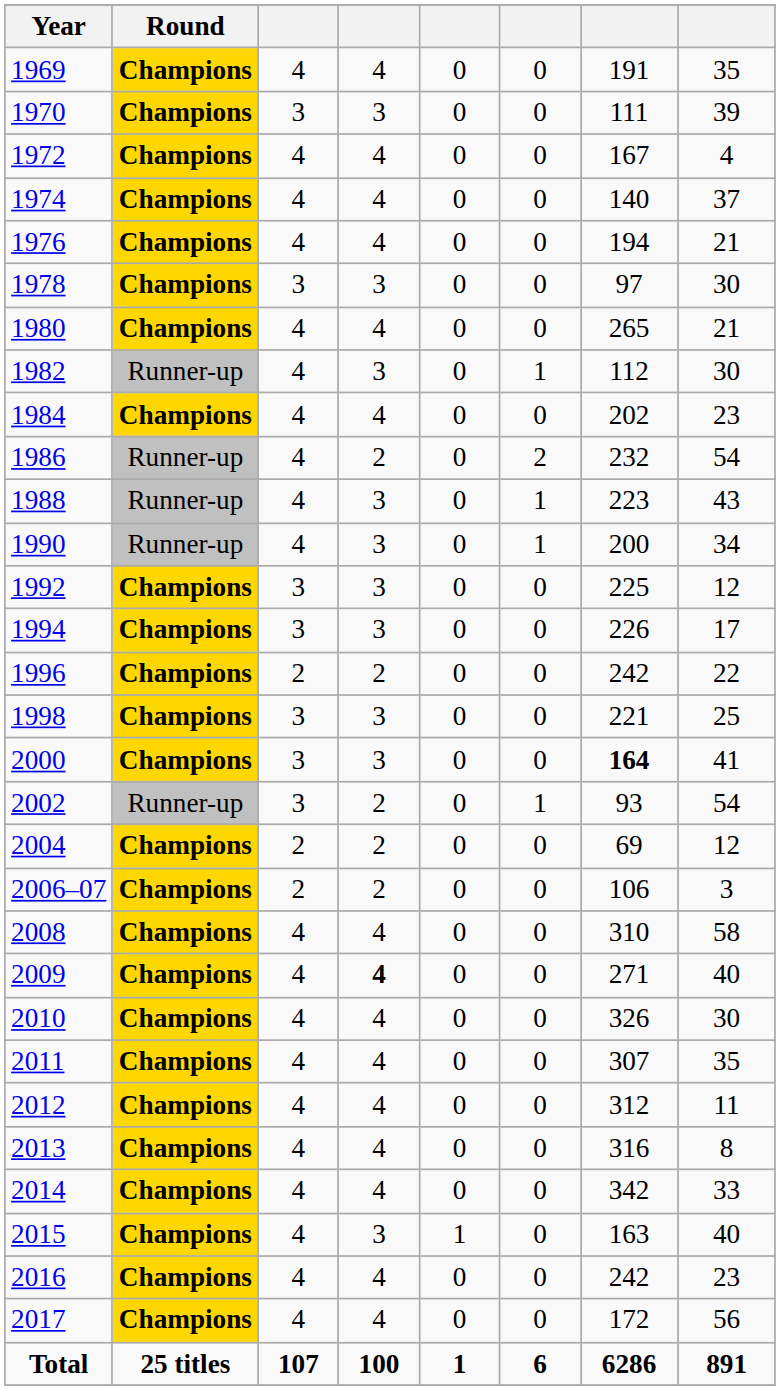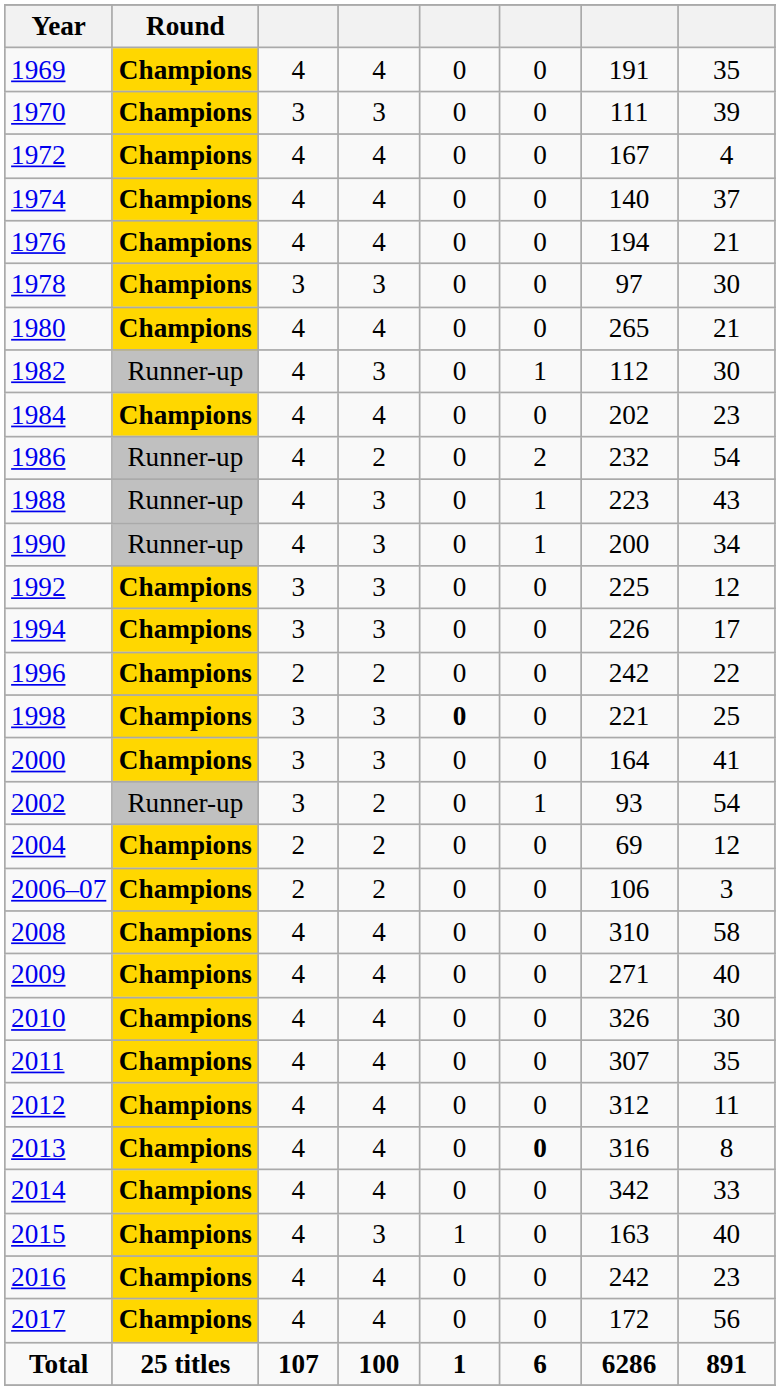 <table class=wikitable style=text-align:center>
 <tr>
 </tr>
 <tr>
 <th>Year</th>
 <th>Round</th>
 <th width=40px></th>
 <th width=40px></th>
 <th width=40px></th>
 <th width=40px></th>
 <th width=50px></th>
 <th width=50px></th>
 </tr>
 <tr>
 <td style=text-align:left><a href='#'>1969</a> </td>
 <td bgcolor=Gold><strong>Champions</strong></td>
 <td>4</td>
 <td>4</td>
 <td>0</td>
 <td>0</td>
 <td>191</td>
 <td>35</td>
 </tr>
 <tr>
 <td style=text-align:left><a href='#'>1970</a> </td>
 <td bgcolor=Gold><strong>Champions</strong></td>
 <td>3</td>
 <td>3</td>
 <td>0</td>
 <td>0</td>
 <td>111</td>
 <td>39</td>
 </tr>
 <tr>
 <td style=text-align:left><a href='#'>1972</a> </td>
 <td bgcolor=Gold><strong>Champions</strong></td>
 <td>4</td>
 <td>4</td>
 <td>0</td>
 <td>0</td>
 <td>167</td>
 <td>4</td>
 </tr>
 <tr>
 <td style=text-align:left><a href='#'>1974</a> </td>
 <td bgcolor=Gold><strong>Champions</strong></td>
 <td>4</td>
 <td>4</td>
 <td>0</td>
 <td>0</td>
 <td>140</td>
 <td>37</td>
 </tr>
 <tr>
 <td style=text-align:left><a href='#'>1976</a> </td>
 <td bgcolor=Gold><strong>Champions</strong></td>
 <td>4</td>
 <td>4</td>
 <td>0</td>
 <td>0</td>
 <td>194</td>
 <td>21</td>
 </tr>
 <tr>
 <td style=text-align:left><a href='#'>1978</a> </td>
 <td bgcolor=Gold><strong>Champions</strong></td>
 <td>3</td>
 <td>3</td>
 <td>0</td>
 <td>0</td>
 <td>97</td>
 <td>30</td>
 </tr>
 <tr>
 <td style=text-align:left><a href='#'>1980</a> </td>
 <td bgcolor=Gold><strong>Champions</strong></td>
 <td>4</td>
 <td>4</td>
 <td>0</td>
 <td>0</td>
 <td>265</td>
 <td>21</td>
 </tr>
 <tr>
 <td style=text-align:left><a href='#'>1982</a> </td>
 <td bgcolor=Silver>Runner-up</td>
 <td>4</td>
 <td>3</td>
 <td>0</td>
 <td>1</td>
 <td>112</td>
 <td>30</td>
 </tr>
 <tr>
 <td style=text-align:left><a href='#'>1984</a> </td>
 <td bgcolor=Gold><strong>Champions</strong></td>
 <td>4</td>
 <td>4</td>
 <td>0</td>
 <td>0</td>
 <td>202</td>
 <td>23</td>
 </tr>
 <tr>
 <td style=text-align:left><a href='#'>1986</a> </td>
 <td bgcolor=Silver>Runner-up</td>
 <td>4</td>
 <td>2</td>
 <td>0</td>
 <td>2</td>
 <td>232</td>
 <td>54</td>
 </tr>
 <tr>
 <td style=text-align:left><a href='#'>1988</a> </td>
 <td bgcolor=Silver>Runner-up</td>
 <td>4</td>
 <td>3</td>
 <td>0</td>
 <td>1</td>
 <td>223</td>
 <td>43</td>
 </tr>
 <tr>
 <td style=text-align:left><a href='#'>1990</a> </td>
 <td bgcolor=Silver>Runner-up</td>
 <td>4</td>
 <td>3</td>
 <td>0</td>
 <td>1</td>
 <td>200</td>
 <td>34</td>
 </tr>
 <tr>
 <td style=text-align:left><a href='#'>1992</a> </td>
 <td bgcolor=Gold><strong>Champions</strong></td>
 <td>3</td>
 <td>3</td>
 <td>0</td>
 <td>0</td>
 <td>225</td>
 <td>12</td>
 </tr>
 <tr>
 <td style=text-align:left><a href='#'>1994</a> </td>
 <td bgcolor=Gold><strong>Champions</strong></td>
 <td>3</td>
 <td>3</td>
 <td>0</td>
 <td>0</td>
 <td>226</td>
 <td>17</td>
 </tr>
 <tr>
 <td style=text-align:left><a href='#'>1996</a> </td>
 <td bgcolor=Gold><strong>Champions</strong></td>
 <td>2</td>
 <td>2</td>
 <td>0</td>
 <td>0</td>
 <td>242</td>
 <td>22</td>
 </tr>
 <tr>
 <td style=text-align:left><a href='#'>1998</a> </td>
 <td bgcolor=Gold><strong>Champions</strong></td>
 <td>3</td>
 <td>3</td>
-<td>0</td>
+<td><strong>0</strong></td>
 <td>0</td>
 <td>221</td>
 <td>25</td>
 </tr>
 <tr>
 <td style=text-align:left><a href='#'>2000</a> </td>
 <td bgcolor=Gold><strong>Champions</strong></td>
 <td>3</td>
 <td>3</td>
 <td>0</td>
 <td>0</td>
-<td><strong>164</strong></td>
+<td>164</td>
 <td>41</td>
 </tr>
 <tr>
 <td style=text-align:left><a href='#'>2002</a> </td>
 <td bgcolor=Silver>Runner-up</td>
 <td>3</td>
 <td>2</td>
 <td>0</td>
 <td>1</td>
 <td>93</td>
 <td>54</td>
 </tr>
 <tr>
 <td style=text-align:left><a href='#'>2004</a> </td>
 <td bgcolor=Gold><strong>Champions</strong></td>
 <td>2</td>
 <td>2</td>
 <td>0</td>
 <td>0</td>
 <td>69</td>
 <td>12</td>
 </tr>
 <tr>
 <td style=text-align:left><a href='#'>2006–07</a> </td>
 <td bgcolor=Gold><strong>Champions</strong></td>
 <td>2</td>
 <td>2</td>
 <td>0</td>
 <td>0</td>
 <td>106</td>
 <td>3</td>
 </tr>
 <tr>
 <td style=text-align:left><a href='#'>2008</a>      </td>
 <td bgcolor=Gold><strong>Champions</strong></td>
 <td>4</td>
 <td>4</td>
 <td>0</td>
 <td>0</td>
 <td>310</td>
 <td>58</td>
 </tr>
 <tr>
 <td style=text-align:left><a href='#'>2009</a>     </td>
 <td bgcolor=Gold><strong>Champions</strong></td>
 <td>4</td>
-<td><strong>4</strong></td>
+<td>4</td>
 <td>0</td>
 <td>0</td>
 <td>271</td>
 <td>40</td>
 </tr>
 <tr>
 <td style=text-align:left><a href='#'>2010</a>      </td>
 <td bgcolor=Gold><strong>Champions</strong></td>
 <td>4</td>
 <td>4</td>
 <td>0</td>
 <td>0</td>
 <td>326</td>
 <td>30</td>
 </tr>
 <tr>
 <td style=text-align:left><a href='#'>2011</a>     </td>
 <td bgcolor=Gold><strong>Champions</strong></td>
 <td>4</td>
 <td>4</td>
 <td>0</td>
 <td>0</td>
 <td>307</td>
 <td>35</td>
 </tr>
 <tr>
 <td style=text-align:left><a href='#'>2012</a>     </td>
 <td bgcolor=Gold><strong>Champions</strong></td>
 <td>4</td>
 <td>4</td>
 <td>0</td>
 <td>0</td>
 <td>312</td>
 <td>11</td>
 </tr>
 <tr>
 <td style=text-align:left><a href='#'>2013</a>      </td>
 <td bgcolor=Gold><strong>Champions</strong></td>
 <td>4</td>
 <td>4</td>
 <td>0</td>
-<td>0</td>
+<td><strong>0</strong></td>
 <td>316</td>
 <td>8</td>
 </tr>
 <tr>
 <td style=text-align:left><a href='#'>2014</a>      </td>
 <td bgcolor=Gold><strong>Champions</strong></td>
 <td>4</td>
 <td>4</td>
 <td>0</td>
 <td>0</td>
 <td>342</td>
 <td>33</td>
 </tr>
 <tr>
 <td style=text-align:left><a href='#'>2015</a>   </td>
 <td bgcolor=Gold><strong>Champions</strong></td>
 <td>4</td>
 <td>3</td>
 <td>1</td>
 <td>0</td>
 <td>163</td>
 <td>40</td>
 </tr>
 <tr>
 <td style=text-align:left><a href='#'>2016</a>   </td>
 <td bgcolor=Gold><strong>Champions</strong></td>
 <td>4</td>
 <td>4</td>
 <td>0</td>
 <td>0</td>
 <td>242</td>
 <td>23</td>
 </tr>
 <tr>
 <td style=text-align:left><a href='#'>2017</a>   </td>
 <td bgcolor=Gold><strong>Champions</strong></td>
 <td>4</td>
 <td>4</td>
 <td>0</td>
 <td>0</td>
 <td>172</td>
 <td>56</td>
 </tr>
 <tr>
 <td><strong>Total</strong></td>
 <td><strong>25 titles</strong></td>
 <td><strong>107</strong></td>
 <td><strong>100</strong></td>
 <td><strong>1</strong></td>
 <td><strong>6</strong></td>
 <td><strong>6286</strong></td>
 <td><strong>891</strong></td>
 </tr>
 <tr>
 </tr>
 </table>
